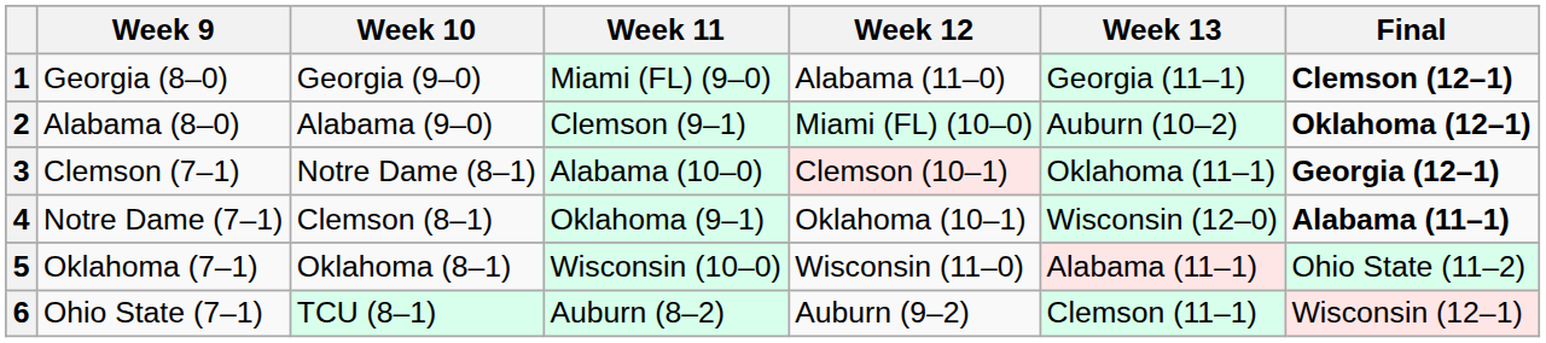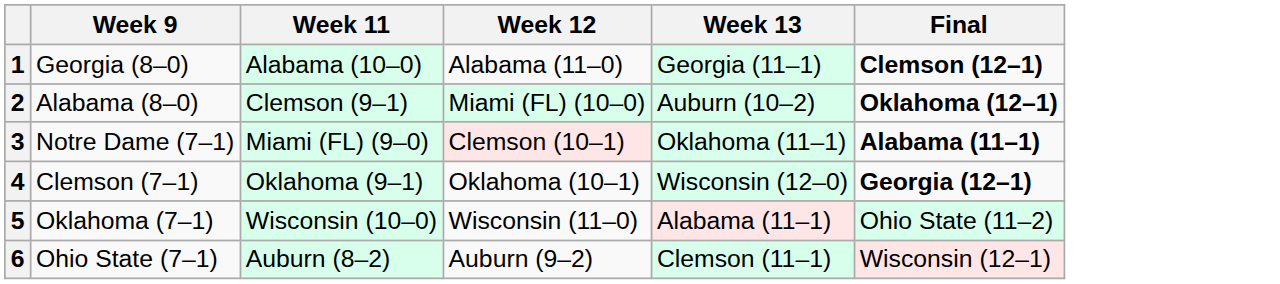 <table class="wikitable" style="font-size:90%">
 <tr>
 <th></th>
 <th>Week 9</th>
-<th>Week 10</th>
 <th>Week 11</th>
 <th>Week 12</th>
 <th>Week 13</th>
 <th>Final</th>
 </tr>
 <tr>
 <th>1</th>
 <td>Georgia (8–0)</td>
-<td>Georgia (9–0)</td>
-<td style="background:#d8ffeb">Miami (FL) (9–0)</td>
+<td style="background:#d8ffeb">Alabama (10–0)</td>
 <td>Alabama (11–0)</td>
 <td style="background:#d8ffeb">Georgia (11–1)</td>
 <td style="background:#"><strong>Clemson (12–1)</strong></td>
 </tr>
 <tr>
 <th>2</th>
 <td>Alabama (8–0)</td>
-<td>Alabama (9–0)</td>
 <td style="background:#d8ffeb">Clemson (9–1)</td>
 <td style="background:#d8ffeb">Miami (FL) (10–0)</td>
 <td style="background:#d8ffeb">Auburn (10–2)</td>
 <td style="background:#"><strong>Oklahoma (12–1)</strong></td>
 </tr>
 <tr>
 <th>3</th>
-<td>Clemson (7–1)</td>
-<td>Notre Dame (8–1)</td>
-<td style="background:#d8ffeb">Alabama (10–0)</td>
+<td>Notre Dame (7–1)</td>
+<td style="background:#d8ffeb">Miami (FL) (9–0)</td>
 <td style="background:#ffe6e6">Clemson (10–1)</td>
 <td style="background:#d8ffeb">Oklahoma (11–1)</td>
-<td style="background:#"><strong>Georgia (12–1)</strong></td>
+<td style="background:#"><strong>Alabama (11–1)</strong></td>
 </tr>
 <tr>
 <th>4</th>
-<td>Notre Dame (7–1)</td>
-<td>Clemson (8–1)</td>
+<td>Clemson (7–1)</td>
 <td style="background:#d8ffeb">Oklahoma (9–1)</td>
 <td>Oklahoma (10–1)</td>
 <td style="background:#d8ffeb">Wisconsin (12–0)</td>
-<td style="background:#"><strong>Alabama (11–1)</strong></td>
+<td style="background:#"><strong>Georgia (12–1)</strong></td>
 </tr>
 <tr>
 <th>5</th>
 <td>Oklahoma (7–1)</td>
-<td>Oklahoma (8–1)</td>
 <td style="background:#d8ffeb">Wisconsin (10–0)</td>
 <td>Wisconsin (11–0)</td>
 <td style="background:#ffe6e6">Alabama (11–1)</td>
 <td style="background:#d8ffeb">Ohio State (11–2)</td>
 </tr>
 <tr>
 <th>6</th>
 <td>Ohio State (7–1)</td>
-<td style="background:#d8ffeb">TCU (8–1)</td>
 <td style="background:#d8ffeb">Auburn (8–2)</td>
 <td>Auburn (9–2)</td>
 <td style="background:#d8ffeb">Clemson (11–1)</td>
 <td style="background:#ffe6e6">Wisconsin (12–1)</td>
 </tr>
 </table>
